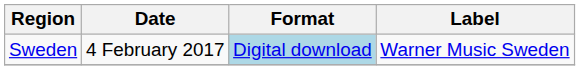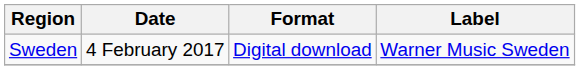 <table class=wikitable>
 <tr>
 <th>Region</th>
 <th>Date</th>
 <th>Format</th>
 <th>Label</th>
 </tr>
 <tr>
 <td><a href='#'>Sweden</a></td>
 <td>4 February 2017</td>
-<td style="background: lightblue;"><a href='#'>Digital download</a></td>
+<td><a href='#'>Digital download</a></td>
 <td><a href='#'>Warner Music Sweden</a></td>
 </tr>
 <tr>
 </tr>
 </table>
